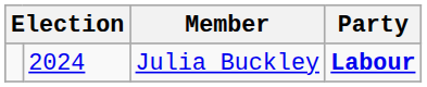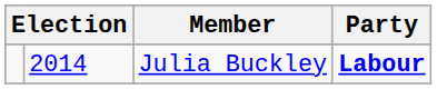 <table class="wikitable">
 <tr>
 <th colspan="2">Election</th>
 <th>Member</th>
 <th>Party</th>
 </tr>
 <tr>
 <td style="color:inherit;background-color: "></td>
-<td><a href='#'>2024</a></td>
+<td><a href='#'>2014</a></td>
 <td><a href='#'>Julia Buckley</a></td>
 <td><strong><a href='#'>Labour</a></strong></td>
 </tr>
 </table>
